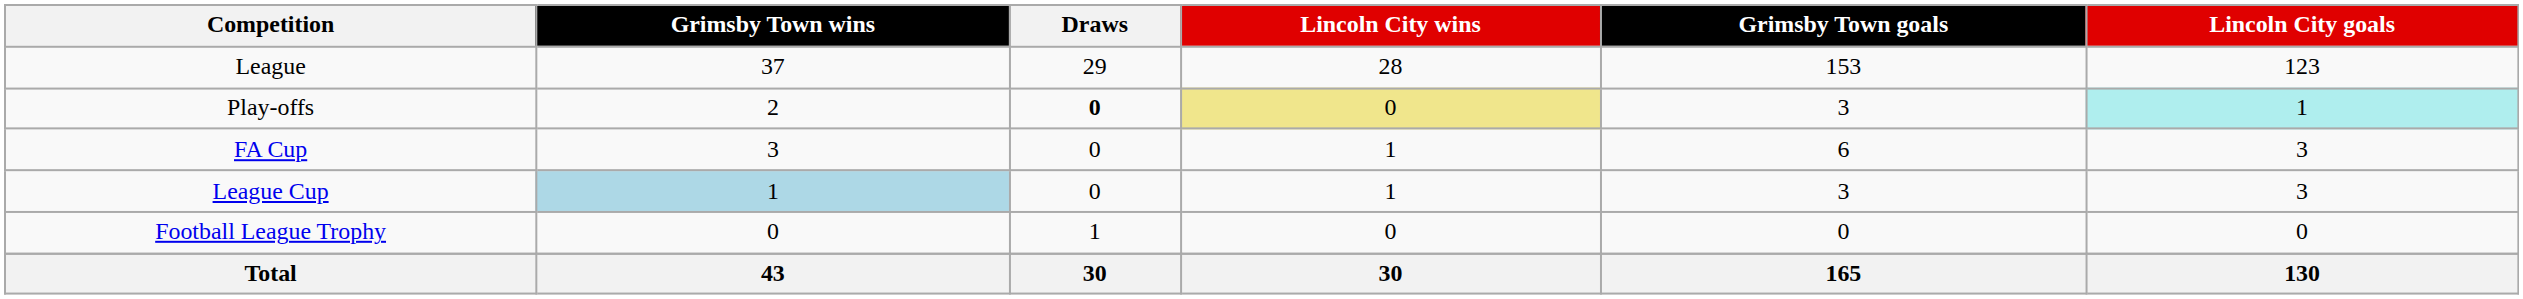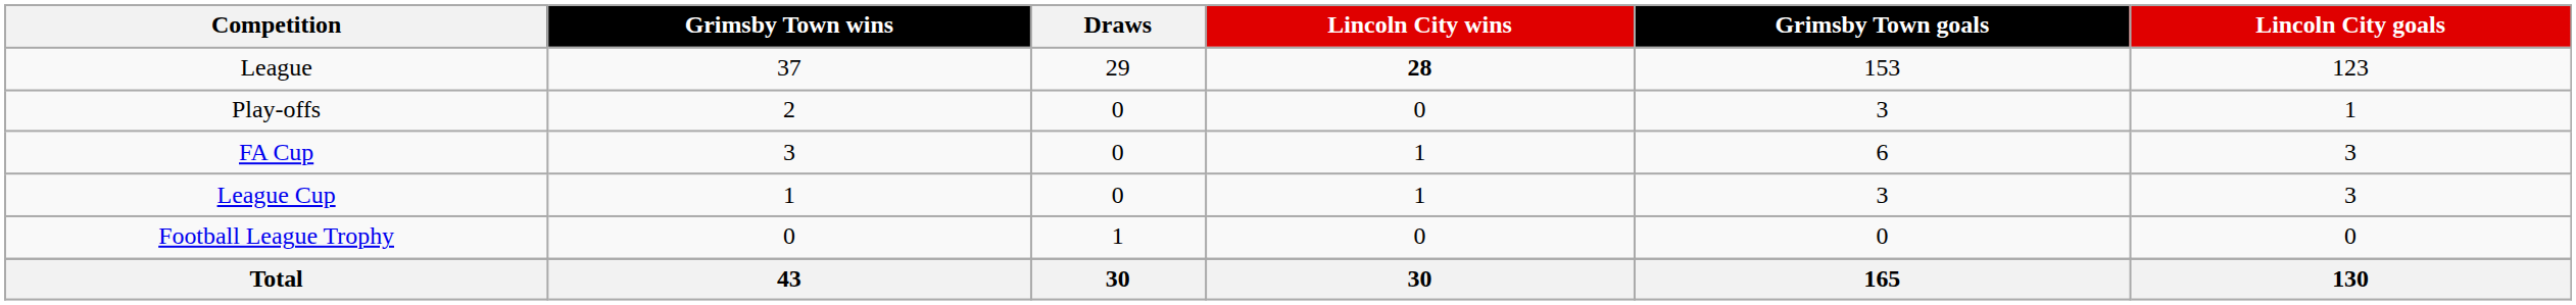 <table class="wikitable" style="text-align: center; width: 100%; font-size: 12px">
 <tr>
 <th>Competition</th>
 <th style="background:#000000; color:white">Grimsby Town wins</th>
 <th>Draws</th>
 <th style="background:#E00000; color:white">Lincoln City wins</th>
 <th style="background:#000000; color:white">Grimsby Town goals</th>
 <th style="background:#E00000; color:white">Lincoln City goals</th>
 </tr>
 <tr>
 <td>League</td>
 <td>37</td>
 <td>29</td>
-<td>28</td>
+<td><strong>28</strong></td>
 <td>153</td>
 <td>123</td>
 </tr>
 <tr>
 <td>Play-offs</td>
 <td>2</td>
-<td><strong>0</strong></td>
-<td style="background: khaki;">0</td>
+<td>0</td>
+<td>0</td>
 <td>3</td>
-<td style="background: paleturquoise;">1</td>
+<td>1</td>
 </tr>
 <tr>
 <td><a href='#'>FA Cup</a></td>
 <td>3</td>
 <td>0</td>
 <td>1</td>
 <td>6</td>
 <td>3</td>
 </tr>
 <tr>
 <td><a href='#'>League Cup</a></td>
-<td style="background: lightblue;">1</td>
+<td>1</td>
 <td>0</td>
 <td>1</td>
 <td>3</td>
 <td>3</td>
 </tr>
 <tr>
 <td><a href='#'>Football League Trophy</a></td>
 <td>0</td>
 <td>1</td>
 <td>0</td>
 <td>0</td>
 <td>0</td>
 </tr>
 <tr>
 </tr>
 <tr class="sortbottom">
 <th>Total</th>
 <th>43</th>
 <th>30</th>
 <th>30</th>
 <th>165</th>
 <th>130</th>
 </tr>
 </table>
